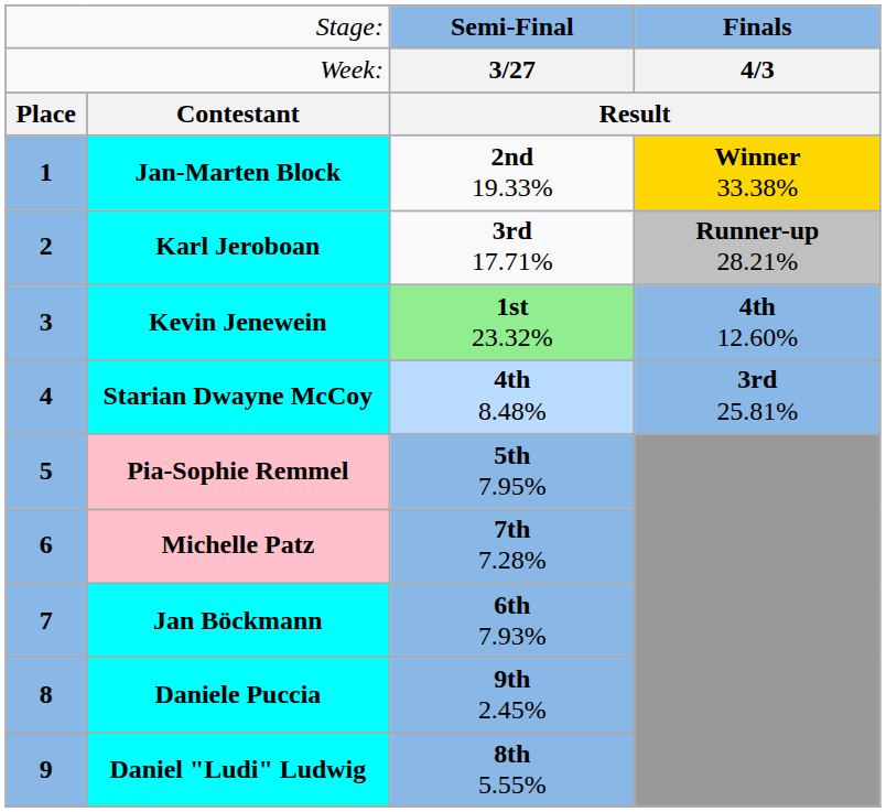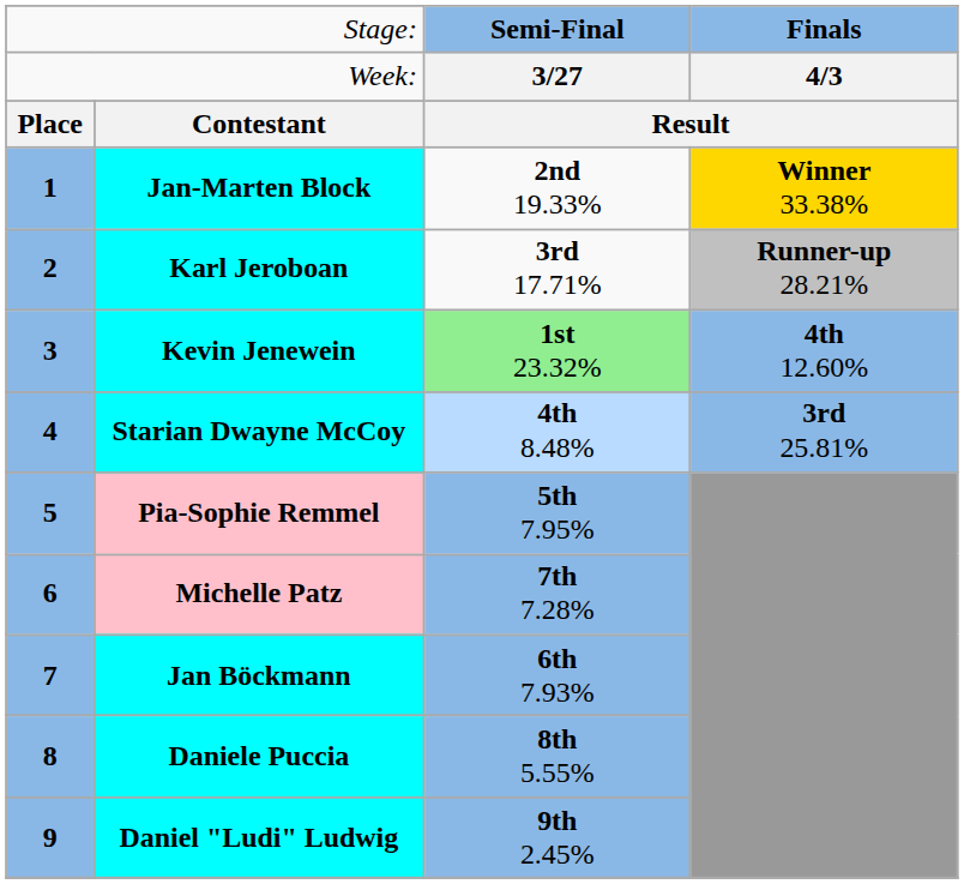 <table class="wikitable" style="margin:1em auto; text-align:center; font-size:85%">
 <tr>
 <td colspan="2" style="text-align:right;"><em>Stage:</em></td>
 <td style="background:#8ab8e6;"><strong>Semi-Final</strong></td>
 <td style="background:#8ab8e6;"><strong>Finals</strong></td>
 </tr>
 <tr>
 <td colspan="2" style="text-align:right;"><em>Week:</em></td>
 <th style="width:120px;">3/27</th>
 <th style="width:120px;">4/3</th>
 </tr>
 <tr>
 <th style="width:35px;">Place</th>
 <th style="width:150px;">Contestant</th>
 <th colspan="7">Result</th>
 </tr>
 <tr>
 <td style="background:#8ab8e6;"><strong>1</strong></td>
 <td style="background:cyan;"><strong>Jan-Marten Block</strong></td>
 <td><strong>2nd</strong><br>19.33%</td>
 <td style="background:gold;"><strong>Winner</strong><br>33.38%</td>
 </tr>
 <tr>
 <td style="background:#8ab8e6;"><strong>2</strong></td>
 <td style="background:cyan;"><strong>Karl Jeroboan</strong></td>
 <td><strong>3rd</strong><br>17.71%</td>
 <td style="background:silver;"><strong>Runner-up</strong><br>28.21%</td>
 </tr>
 <tr>
 <td style="background:#8ab8e6;"><strong>3</strong></td>
 <td style="background:cyan;"><strong>Kevin Jenewein</strong></td>
 <td style="background:lightgreen;"><strong>1st</strong><br>23.32%</td>
 <td style="background:#8ab8e6;"><strong>4th</strong><br>12.60%</td>
 </tr>
 <tr>
 <td style="background:#8ab8e6;"><strong>4</strong></td>
 <td style="background:cyan;"><strong>Starian Dwayne McCoy</strong></td>
 <td style="background:#b8dbff;"><strong>4th</strong><br>8.48%</td>
 <td style="background:#8ab8e6;"><strong>3rd</strong><br>25.81%</td>
 </tr>
 <tr>
 <td style="background:#8ab8e6;"><strong>5</strong></td>
 <td style="background:pink;"><strong>Pia-Sophie Remmel </strong></td>
 <td style="background:#8ab8e6;"><strong>5th</strong><br>7.95%</td>
 <td style="background:#999999;" colspan=5 rowspan=5></td>
 </tr>
 <tr>
 <td style="background:#8ab8e6;"><strong>6</strong></td>
 <td style="background:pink;"><strong>Michelle Patz</strong></td>
 <td style="background:#8ab8e6;"><strong>7th</strong><br>7.28%</td>
 </tr>
 <tr>
 <td style="background:#8ab8e6;"><strong>7</strong></td>
 <td style="background:cyan;"><strong>Jan Böckmann</strong></td>
 <td style="background:#8ab8e6;"><strong>6th</strong><br>7.93%</td>
 </tr>
 <tr>
 <td style="background:#8ab8e6;"><strong>8</strong></td>
 <td style="background:cyan;"><strong>Daniele Puccia</strong></td>
-<td style="background:#8ab8e6;"><strong>9th</strong><br>2.45%</td>
+<td style="background:#8ab8e6;"><strong>8th</strong><br>5.55%</td>
 </tr>
 <tr>
 <td style="background:#8ab8e6;"><strong>9</strong></td>
 <td style="background:cyan;"><strong>Daniel "Ludi" Ludwig</strong></td>
-<td style="background:#8ab8e6;"><strong>8th</strong><br>5.55%</td>
+<td style="background:#8ab8e6;"><strong>9th</strong><br>2.45%</td>
 </tr>
 <tr>
 </tr>
 </table>
